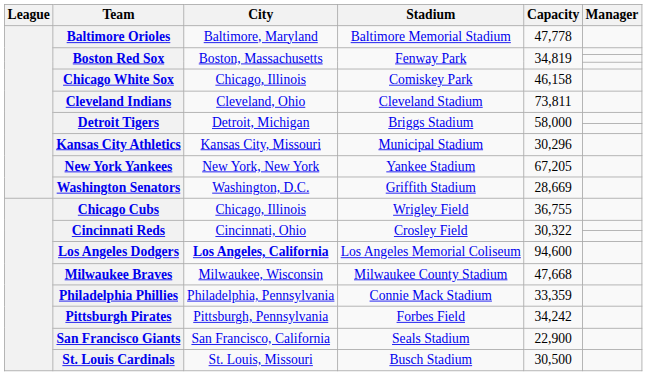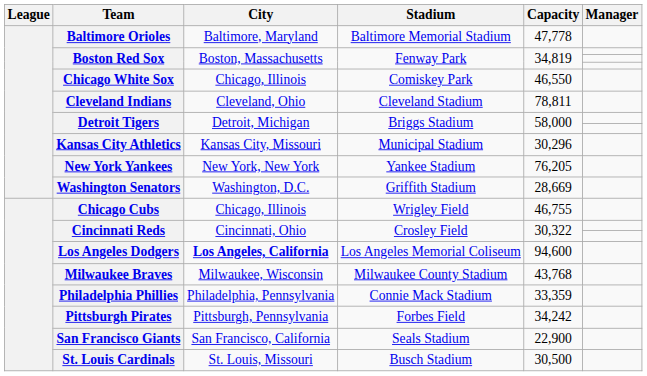 <table class="wikitable sortable plainrowheaders" style="text-align:center;">
 <tr>
 <th scope="col">League</th>
 <th scope="col">Team</th>
 <th scope="col">City</th>
 <th scope="col">Stadium</th>
 <th scope="col">Capacity</th>
 <th scope="col">Manager</th>
 </tr>
 <tr>
 <th rowspan="11"></th>
 <th scope="row"><a href='#'>Baltimore Orioles</a></th>
 <td><a href='#'>Baltimore, Maryland</a></td>
 <td><a href='#'>Baltimore Memorial Stadium</a></td>
 <td>47,778</td>
 <td></td>
 </tr>
 <tr>
 <th rowspan="3" scope="row"><a href='#'>Boston Red Sox</a></th>
 <td rowspan="3"><a href='#'>Boston, Massachusetts</a></td>
 <td rowspan="3"><a href='#'>Fenway Park</a></td>
 <td rowspan="3">34,819</td>
 <td></td>
 </tr>
 <tr>
 <td></td>
 </tr>
 <tr>
 <td></td>
 </tr>
 <tr>
 <th scope="row"><a href='#'>Chicago White Sox</a></th>
 <td><a href='#'>Chicago, Illinois</a></td>
 <td><a href='#'>Comiskey Park</a></td>
-<td>46,158</td>
+<td>46,550</td>
 <td></td>
 </tr>
 <tr>
 <th scope="row"><a href='#'>Cleveland Indians</a></th>
 <td><a href='#'>Cleveland, Ohio</a></td>
 <td><a href='#'>Cleveland Stadium</a></td>
-<td>73,811</td>
+<td>78,811</td>
 <td></td>
 </tr>
 <tr>
 <th rowspan="2" scope="row"><a href='#'>Detroit Tigers</a></th>
 <td rowspan="2"><a href='#'>Detroit, Michigan</a></td>
 <td rowspan="2"><a href='#'>Briggs Stadium</a></td>
 <td rowspan="2">58,000</td>
 <td></td>
 </tr>
 <tr>
 <td></td>
 </tr>
 <tr>
 <th scope="row"><a href='#'>Kansas City Athletics</a></th>
 <td><a href='#'>Kansas City, Missouri</a></td>
 <td><a href='#'>Municipal Stadium</a></td>
 <td>30,296</td>
 <td></td>
 </tr>
 <tr>
 <th scope="row"><a href='#'>New York Yankees</a></th>
 <td><a href='#'>New York, New York</a></td>
 <td><a href='#'>Yankee Stadium</a></td>
-<td>67,205</td>
+<td>76,205</td>
 <td></td>
 </tr>
 <tr>
 <th scope="row"><a href='#'>Washington Senators</a></th>
 <td><a href='#'>Washington, D.C.</a></td>
 <td><a href='#'>Griffith Stadium</a></td>
 <td>28,669</td>
 <td></td>
 </tr>
 <tr>
 <th rowspan="9"></th>
 <th scope="row"><a href='#'>Chicago Cubs</a></th>
 <td><a href='#'>Chicago, Illinois</a></td>
 <td><a href='#'>Wrigley Field</a></td>
-<td>36,755</td>
+<td>46,755</td>
 <td></td>
 </tr>
 <tr>
 <th rowspan="2" scope="row"><a href='#'>Cincinnati Reds</a></th>
 <td rowspan="2"><a href='#'>Cincinnati, Ohio</a></td>
 <td rowspan="2"><a href='#'>Crosley Field</a></td>
 <td rowspan="2">30,322</td>
 <td></td>
 </tr>
 <tr>
 <td></td>
 </tr>
 <tr>
 <th scope="row"><a href='#'>Los Angeles Dodgers</a></th>
 <td><strong><a href='#'>Los Angeles, California</a></strong></td>
 <td><a href='#'>Los Angeles Memorial Coliseum</a></td>
 <td>94,600</td>
 <td></td>
 </tr>
 <tr>
 <th scope="row"><a href='#'>Milwaukee Braves</a></th>
 <td><a href='#'>Milwaukee, Wisconsin</a></td>
 <td><a href='#'>Milwaukee County Stadium</a></td>
-<td>47,668</td>
+<td>43,768</td>
 <td></td>
 </tr>
 <tr>
 <th scope="row"><a href='#'>Philadelphia Phillies</a></th>
 <td><a href='#'>Philadelphia, Pennsylvania</a></td>
 <td><a href='#'>Connie Mack Stadium</a></td>
 <td>33,359</td>
 <td></td>
 </tr>
 <tr>
 <th scope="row"><a href='#'>Pittsburgh Pirates</a></th>
 <td><a href='#'>Pittsburgh, Pennsylvania</a></td>
 <td><a href='#'>Forbes Field</a></td>
 <td>34,242</td>
 <td></td>
 </tr>
 <tr>
 <th scope="row"><a href='#'>San Francisco Giants</a></th>
 <td><a href='#'>San Francisco, California</a></td>
 <td><a href='#'>Seals Stadium</a></td>
 <td>22,900</td>
 <td></td>
 </tr>
 <tr>
 <th scope="row"><a href='#'>St. Louis Cardinals</a></th>
 <td><a href='#'>St. Louis, Missouri</a></td>
 <td><a href='#'>Busch Stadium</a></td>
 <td>30,500</td>
 <td></td>
 </tr>
 </table>
